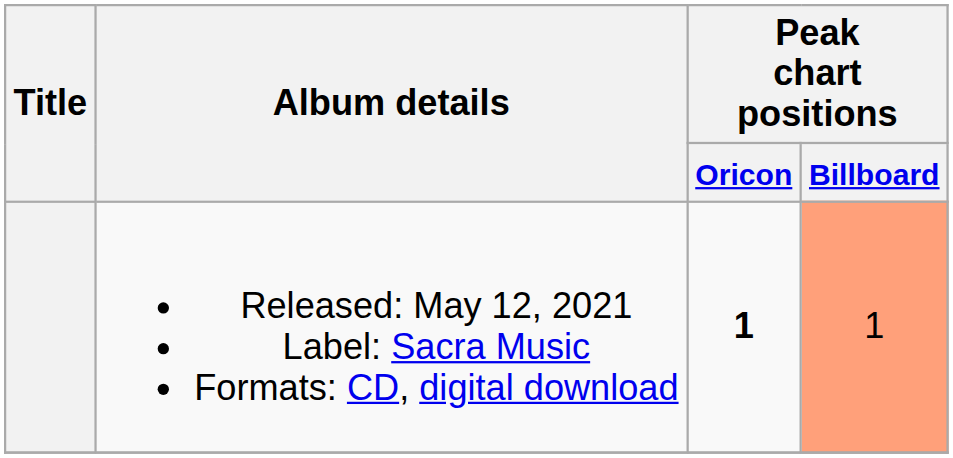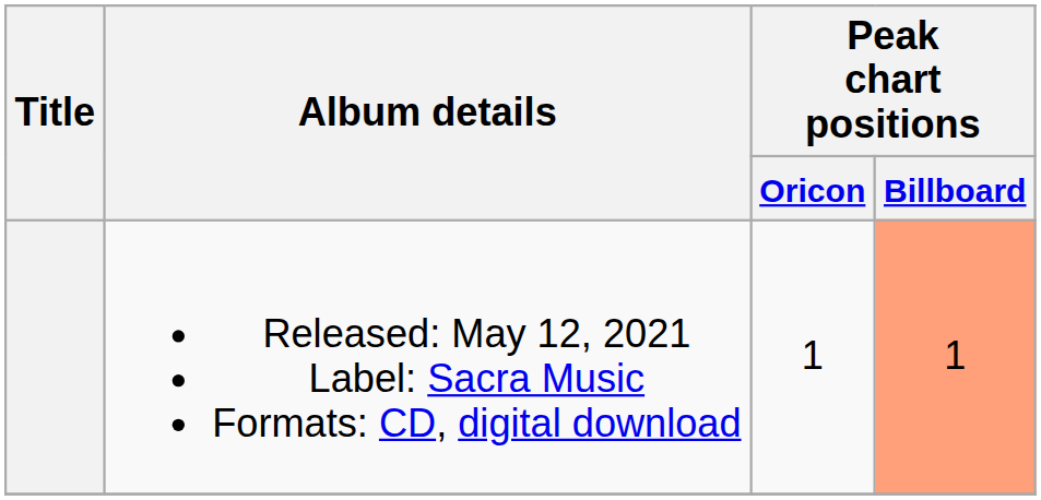 <table class="wikitable plainrowheaders" style="text-align:center;">
 <tr>
 <th scope="col" rowspan="2">Title</th>
 <th scope="col" rowspan="2">Album details</th>
 <th scope="col" colspan="2">Peak <br> chart <br> positions</th>
 </tr>
 <tr>
 <th scope="col" colspan="1"><small><a href='#'>Oricon</a></small></th>
 <th scope="col" colspan="1"><small><a href='#'>Billboard</a></small></th>
 </tr>
 <tr>
 <th scope="row"></th>
 <td><br><ul><li>Released: May 12, 2021</li><li>Label: <a href='#'>Sacra Music</a></li><li>Formats: <a href='#'>CD</a>, <a href='#'>digital download</a></li></ul></td>
-<td><strong>1</strong></td>
+<td>1</td>
 <td style="background: lightsalmon;">1</td>
 </tr>
 <tr>
 </tr>
 </table>
